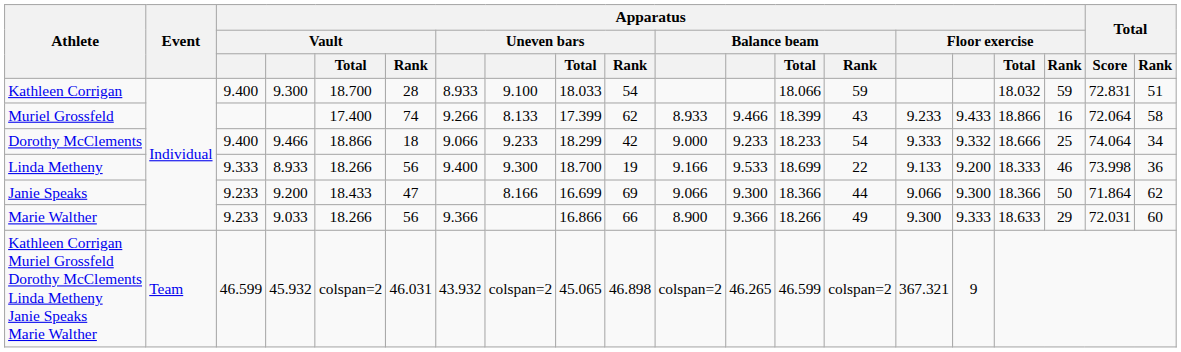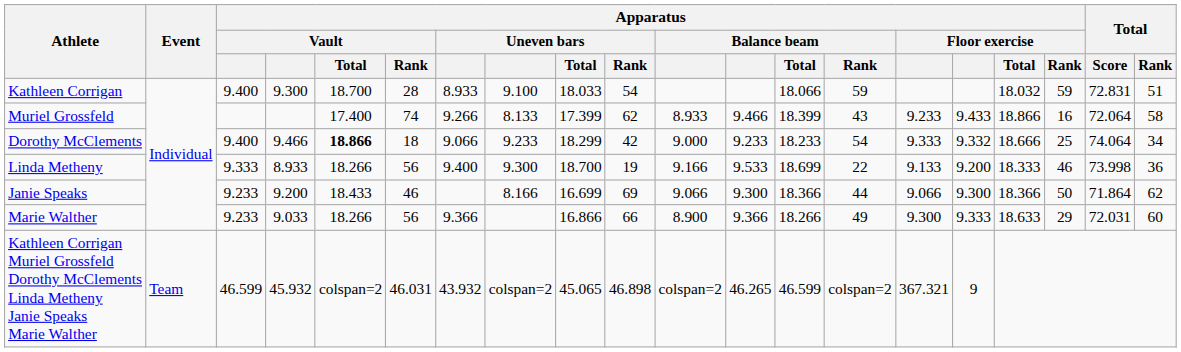 <table class=wikitable style=font-size:90%;text-align:center>
 <tr>
 <th rowspan=3>Athlete</th>
 <th rowspan=3>Event</th>
 <th colspan=16>Apparatus</th>
 <th colspan=2 rowspan=2>Total</th>
 </tr>
 <tr style=font-size:95%>
 <th colspan=4>Vault</th>
 <th colspan=4>Uneven bars</th>
 <th colspan=4>Balance beam</th>
 <th colspan=4>Floor exercise</th>
 </tr>
 <tr style=font-size:95%>
 <th></th>
 <th></th>
 <th>Total</th>
 <th>Rank</th>
 <th></th>
 <th></th>
 <th>Total</th>
 <th>Rank</th>
 <th></th>
 <th></th>
 <th>Total</th>
 <th>Rank</th>
 <th></th>
 <th></th>
 <th>Total</th>
 <th>Rank</th>
 <th>Score</th>
 <th>Rank</th>
 </tr>
 <tr>
 <td align=left><a href='#'>Kathleen Corrigan</a></td>
 <td align=left rowspan=6><a href='#'>Individual</a></td>
 <td>9.400</td>
 <td>9.300</td>
 <td>18.700</td>
 <td>28</td>
 <td>8.933</td>
 <td>9.100</td>
 <td>18.033</td>
 <td>54</td>
 <td></td>
 <td></td>
 <td>18.066</td>
 <td>59</td>
 <td></td>
 <td></td>
 <td>18.032</td>
 <td>59</td>
 <td>72.831</td>
 <td>51</td>
 </tr>
 <tr>
 <td align=left><a href='#'>Muriel Grossfeld</a></td>
 <td></td>
 <td></td>
 <td>17.400</td>
 <td>74</td>
 <td>9.266</td>
 <td>8.133</td>
 <td>17.399</td>
 <td>62</td>
 <td>8.933</td>
 <td>9.466</td>
 <td>18.399</td>
 <td>43</td>
 <td>9.233</td>
 <td>9.433</td>
 <td>18.866</td>
 <td>16</td>
 <td>72.064</td>
 <td>58</td>
 </tr>
 <tr>
 <td align=left><a href='#'>Dorothy McClements</a></td>
 <td>9.400</td>
 <td>9.466</td>
-<td>18.866</td>
+<td><strong>18.866</strong></td>
 <td>18</td>
 <td>9.066</td>
 <td>9.233</td>
 <td>18.299</td>
 <td>42</td>
 <td>9.000</td>
 <td>9.233</td>
 <td>18.233</td>
 <td>54</td>
 <td>9.333</td>
 <td>9.332</td>
 <td>18.666</td>
 <td>25</td>
 <td>74.064</td>
 <td>34</td>
 </tr>
 <tr>
 <td align=left><a href='#'>Linda Metheny</a></td>
 <td>9.333</td>
 <td>8.933</td>
 <td>18.266</td>
 <td>56</td>
 <td>9.400</td>
 <td>9.300</td>
 <td>18.700</td>
 <td>19</td>
 <td>9.166</td>
 <td>9.533</td>
 <td>18.699</td>
 <td>22</td>
 <td>9.133</td>
 <td>9.200</td>
 <td>18.333</td>
 <td>46</td>
 <td>73.998</td>
 <td>36</td>
 </tr>
 <tr>
 <td align=left><a href='#'>Janie Speaks</a></td>
 <td>9.233</td>
 <td>9.200</td>
 <td>18.433</td>
-<td>47</td>
+<td>46</td>
 <td></td>
 <td>8.166</td>
 <td>16.699</td>
 <td>69</td>
 <td>9.066</td>
 <td>9.300</td>
 <td>18.366</td>
 <td>44</td>
 <td>9.066</td>
 <td>9.300</td>
 <td>18.366</td>
 <td>50</td>
 <td>71.864</td>
 <td>62</td>
 </tr>
 <tr>
 <td align=left><a href='#'>Marie Walther</a></td>
 <td>9.233</td>
 <td>9.033</td>
 <td>18.266</td>
 <td>56</td>
 <td>9.366</td>
 <td></td>
 <td>16.866</td>
 <td>66</td>
 <td>8.900</td>
 <td>9.366</td>
 <td>18.266</td>
 <td>49</td>
 <td>9.300</td>
 <td>9.333</td>
 <td>18.633</td>
 <td>29</td>
 <td>72.031</td>
 <td>60</td>
 </tr>
 <tr>
 <td align=left><a href='#'>Kathleen Corrigan</a><br><a href='#'>Muriel Grossfeld</a><br><a href='#'>Dorothy McClements</a><br><a href='#'>Linda Metheny</a><br><a href='#'>Janie Speaks</a><br><a href='#'>Marie Walther</a></td>
 <td align=left><a href='#'>Team</a></td>
 <td>46.599</td>
 <td>45.932</td>
 <td>colspan=2 </td>
 <td>46.031</td>
 <td>43.932</td>
 <td>colspan=2 </td>
 <td>45.065</td>
 <td>46.898</td>
 <td>colspan=2 </td>
 <td>46.265</td>
 <td>46.599</td>
 <td>colspan=2 </td>
 <td>367.321</td>
 <td>9</td>
 </tr>
 </table>
